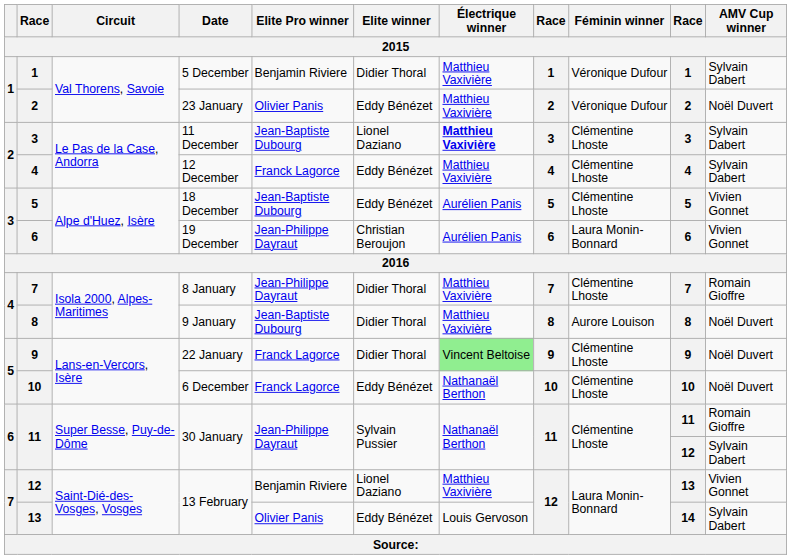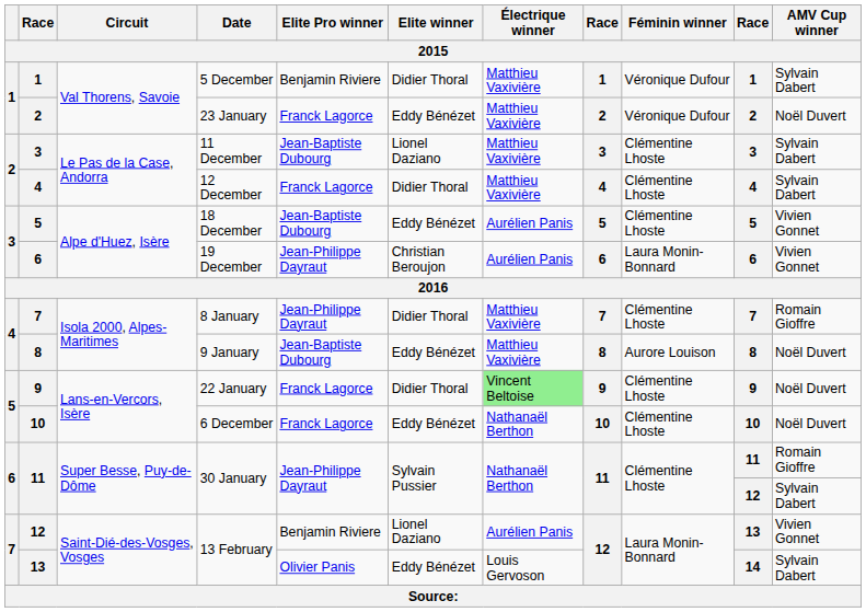 <table class="wikitable" style="font-size: 85%">
 <tr>
 <th></th>
 <th>Race</th>
 <th>Circuit</th>
 <th>Date</th>
 <th>Elite Pro winner</th>
 <th>Elite winner</th>
 <th>Électrique winner</th>
 <th>Race</th>
 <th>Féminin winner</th>
 <th>Race</th>
 <th>AMV Cup winner</th>
 </tr>
 <tr>
 <th align=center colspan=11>2015</th>
 </tr>
 <tr>
 <th rowspan=2>1</th>
 <th>1</th>
 <td rowspan=2> <a href='#'>Val Thorens</a>, <a href='#'>Savoie</a></td>
 <td>5 December</td>
 <td> Benjamin Riviere</td>
 <td> Didier Thoral</td>
 <td> <a href='#'>Matthieu Vaxivière</a></td>
 <th>1</th>
 <td> Véronique Dufour</td>
 <th>1</th>
 <td> Sylvain Dabert</td>
 </tr>
 <tr>
 <th>2</th>
 <td>23 January</td>
-<td> <a href='#'>Olivier Panis</a></td>
+<td> <a href='#'>Franck Lagorce</a></td>
 <td> Eddy Bénézet</td>
 <td> <a href='#'>Matthieu Vaxivière</a></td>
 <th>2</th>
 <td> Véronique Dufour</td>
 <th>2</th>
 <td> Noël Duvert</td>
 </tr>
 <tr>
 <th rowspan=2>2</th>
 <th>3</th>
 <td rowspan=2> <a href='#'>Le Pas de la Case</a>, <a href='#'>Andorra</a></td>
 <td>11 December</td>
 <td> <a href='#'>Jean-Baptiste Dubourg</a></td>
 <td> Lionel Daziano</td>
-<td><strong> <a href='#'>Matthieu Vaxivière</a></strong></td>
+<td> <a href='#'>Matthieu Vaxivière</a></td>
 <th>3</th>
 <td> Clémentine Lhoste</td>
 <th>3</th>
 <td> Sylvain Dabert</td>
 </tr>
 <tr>
 <th>4</th>
 <td>12 December</td>
 <td> <a href='#'>Franck Lagorce</a></td>
-<td> Eddy Bénézet</td>
+<td> Didier Thoral</td>
 <td> <a href='#'>Matthieu Vaxivière</a></td>
 <th>4</th>
 <td> Clémentine Lhoste</td>
 <th>4</th>
 <td> Sylvain Dabert</td>
 </tr>
 <tr>
 <th rowspan=2>3</th>
 <th>5</th>
 <td rowspan=2> <a href='#'>Alpe d'Huez</a>, <a href='#'>Isère</a></td>
 <td>18 December</td>
 <td> <a href='#'>Jean-Baptiste Dubourg</a></td>
 <td> Eddy Bénézet</td>
 <td> <a href='#'>Aurélien Panis</a></td>
 <th>5</th>
 <td> Clémentine Lhoste</td>
 <th>5</th>
 <td> Vivien Gonnet</td>
 </tr>
 <tr>
 <th>6</th>
 <td>19 December</td>
 <td> <a href='#'>Jean-Philippe Dayraut</a></td>
 <td> Christian Beroujon</td>
 <td> <a href='#'>Aurélien Panis</a></td>
 <th>6</th>
 <td> Laura Monin-Bonnard</td>
 <th>6</th>
 <td> Vivien Gonnet</td>
 </tr>
 <tr>
 <th align=center colspan=11>2016</th>
 </tr>
 <tr>
 <th rowspan=2>4</th>
 <th>7</th>
 <td rowspan=2> <a href='#'>Isola 2000</a>, <a href='#'>Alpes-Maritimes</a></td>
 <td>8 January</td>
 <td> <a href='#'>Jean-Philippe Dayraut</a></td>
 <td> Didier Thoral</td>
 <td> <a href='#'>Matthieu Vaxivière</a></td>
 <th>7</th>
 <td> Clémentine Lhoste</td>
 <th>7</th>
 <td> Romain Gioffre</td>
 </tr>
 <tr>
 <th>8</th>
 <td>9 January</td>
 <td> <a href='#'>Jean-Baptiste Dubourg</a></td>
-<td> Didier Thoral</td>
+<td> Eddy Bénézet</td>
 <td> <a href='#'>Matthieu Vaxivière</a></td>
 <th>8</th>
 <td> Aurore Louison</td>
 <th>8</th>
 <td> Noël Duvert</td>
 </tr>
 <tr>
 <th rowspan=2>5</th>
 <th>9</th>
 <td rowspan=2> <a href='#'>Lans-en-Vercors</a>, <a href='#'>Isère</a></td>
 <td>22 January</td>
 <td> <a href='#'>Franck Lagorce</a></td>
 <td> Didier Thoral</td>
 <td style="background: lightgreen;"> Vincent Beltoise</td>
 <th>9</th>
 <td> Clémentine Lhoste</td>
 <th>9</th>
 <td> Noël Duvert</td>
 </tr>
 <tr>
 <th>10</th>
 <td>6 December</td>
 <td> <a href='#'>Franck Lagorce</a></td>
 <td> Eddy Bénézet</td>
 <td> <a href='#'>Nathanaël Berthon</a></td>
 <th>10</th>
 <td> Clémentine Lhoste</td>
 <th>10</th>
 <td> Noël Duvert</td>
 </tr>
 <tr>
 <th rowspan=2>6</th>
 <th rowspan=2>11</th>
 <td rowspan=2> <a href='#'>Super Besse</a>, <a href='#'>Puy-de-Dôme</a></td>
 <td rowspan=2>30 January</td>
 <td rowspan=2> <a href='#'>Jean-Philippe Dayraut</a></td>
 <td rowspan=2> Sylvain Pussier</td>
 <td rowspan=2> <a href='#'>Nathanaël Berthon</a></td>
 <th rowspan=2>11</th>
 <td rowspan=2> Clémentine Lhoste</td>
 <th>11</th>
 <td> Romain Gioffre</td>
 </tr>
 <tr>
 <th>12</th>
 <td> Sylvain Dabert</td>
 </tr>
 <tr>
 <th rowspan=2>7</th>
 <th>12</th>
 <td rowspan=2> <a href='#'>Saint-Dié-des-Vosges</a>, <a href='#'>Vosges</a></td>
 <td rowspan=2>13 February</td>
 <td> Benjamin Riviere</td>
 <td> Lionel Daziano</td>
-<td> <a href='#'>Matthieu Vaxivière</a></td>
+<td> <a href='#'>Aurélien Panis</a></td>
 <th rowspan=2>12</th>
 <td rowspan=2> Laura Monin-Bonnard</td>
 <th>13</th>
 <td> Vivien Gonnet</td>
 </tr>
 <tr>
 <th>13</th>
 <td> <a href='#'>Olivier Panis</a></td>
 <td> Eddy Bénézet</td>
 <td> Louis Gervoson</td>
 <th>14</th>
 <td> Sylvain Dabert</td>
 </tr>
 <tr>
 <th colspan=11>Source:</th>
 </tr>
 </table>
